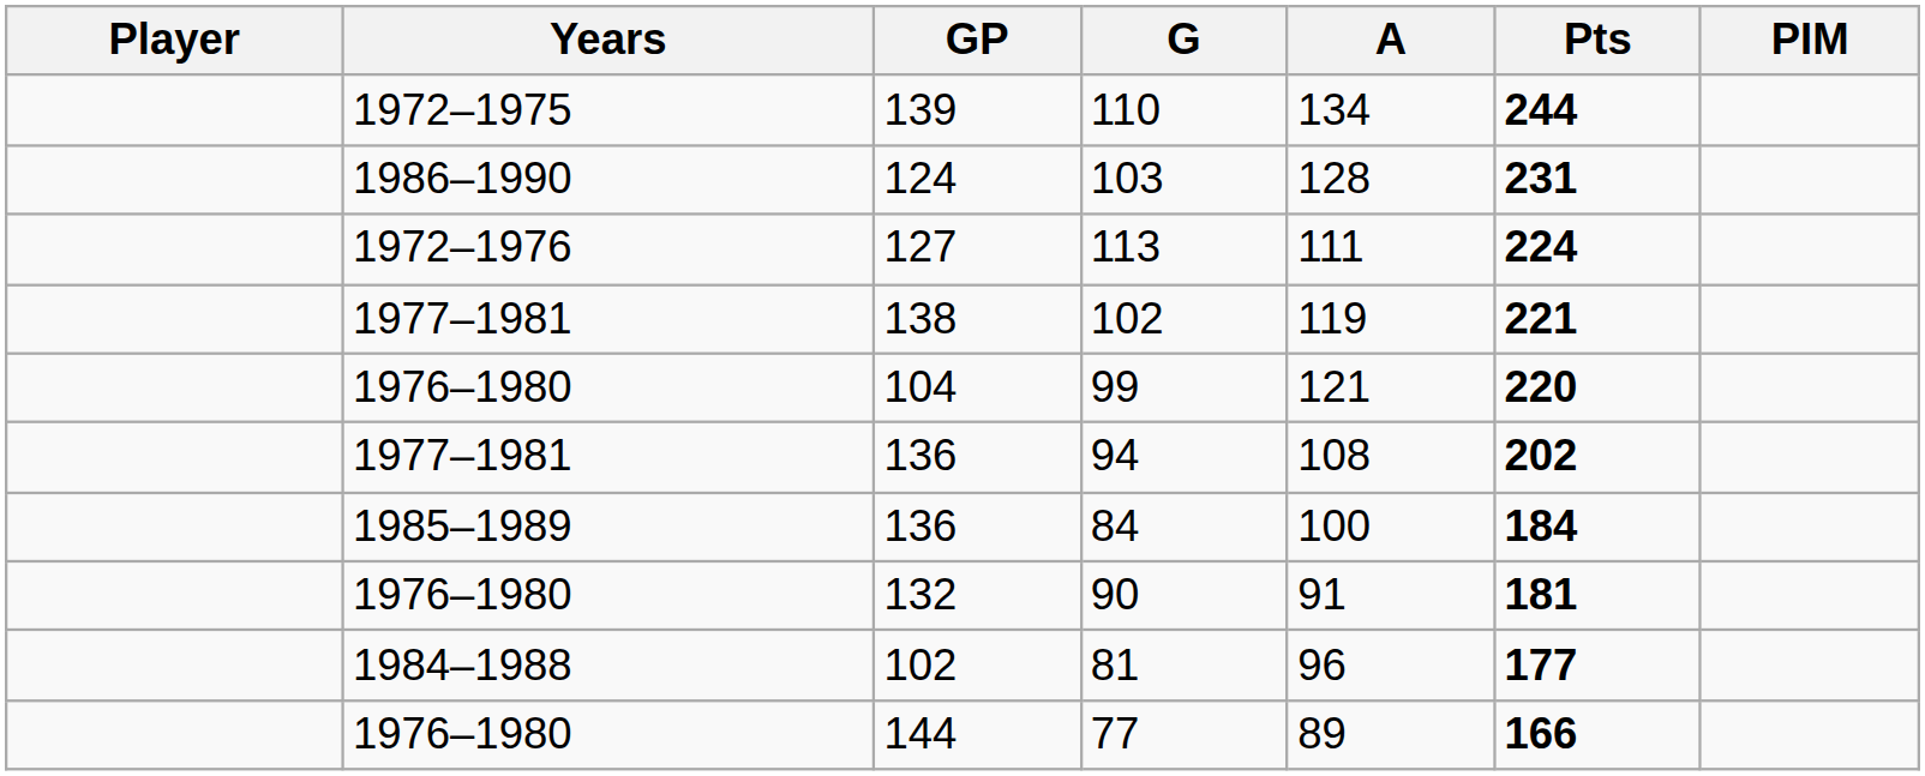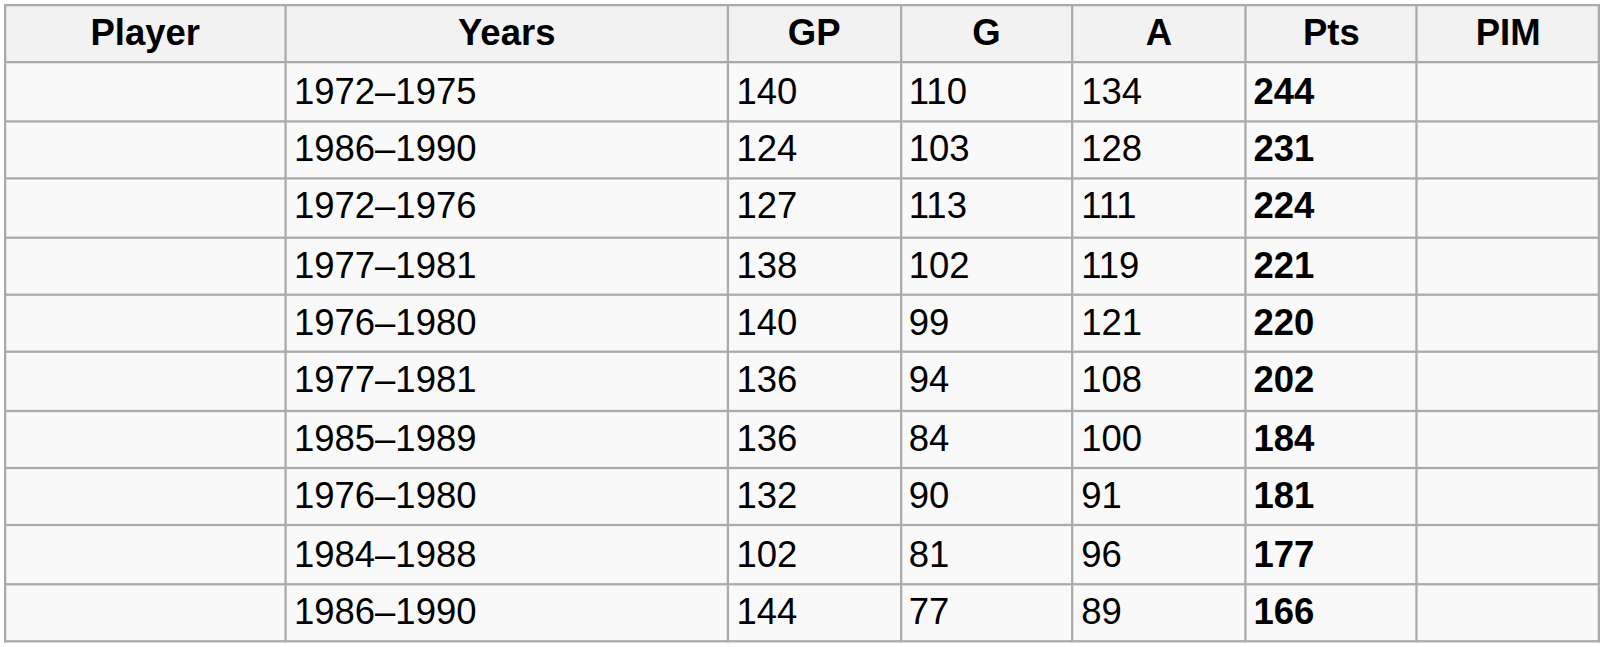 <table class="wikitable sortable" width ="700" cellpadding="1" border="1" cellspacing="0">
 <tr>
 <th>Player</th>
 <th>Years</th>
 <th>GP</th>
 <th>G</th>
 <th>A</th>
 <th>Pts</th>
 <th>PIM</th>
 </tr>
 <tr>
 <td></td>
 <td>1972–1975</td>
-<td>139</td>
+<td>140</td>
 <td>110</td>
 <td>134</td>
 <td><strong>244</strong></td>
 <td></td>
 </tr>
 <tr>
 <td></td>
 <td>1986–1990</td>
 <td>124</td>
 <td>103</td>
 <td>128</td>
 <td><strong>231</strong></td>
 <td></td>
 </tr>
 <tr>
 <td></td>
 <td>1972–1976</td>
 <td>127</td>
 <td>113</td>
 <td>111</td>
 <td><strong>224</strong></td>
 <td></td>
 </tr>
 <tr>
 <td></td>
 <td>1977–1981</td>
 <td>138</td>
 <td>102</td>
 <td>119</td>
 <td><strong>221</strong></td>
 <td></td>
 </tr>
 <tr>
 <td></td>
 <td>1976–1980</td>
-<td>104</td>
+<td>140</td>
 <td>99</td>
 <td>121</td>
 <td><strong>220</strong></td>
 <td></td>
 </tr>
 <tr>
 <td></td>
 <td>1977–1981</td>
 <td>136</td>
 <td>94</td>
 <td>108</td>
 <td><strong>202</strong></td>
 <td></td>
 </tr>
 <tr>
 <td></td>
 <td>1985–1989</td>
 <td>136</td>
 <td>84</td>
 <td>100</td>
 <td><strong>184</strong></td>
 <td></td>
 </tr>
 <tr>
 <td></td>
 <td>1976–1980</td>
 <td>132</td>
 <td>90</td>
 <td>91</td>
 <td><strong>181</strong></td>
 <td></td>
 </tr>
 <tr>
 <td></td>
 <td>1984–1988</td>
 <td>102</td>
 <td>81</td>
 <td>96</td>
 <td><strong>177</strong></td>
 <td></td>
 </tr>
 <tr>
 <td></td>
-<td>1976–1980</td>
+<td>1986–1990</td>
 <td>144</td>
 <td>77</td>
 <td>89</td>
 <td><strong>166</strong></td>
 <td></td>
 </tr>
 </table>
